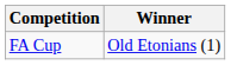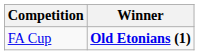 <table class="wikitable">
 <tr>
 <th>Competition</th>
 <th>Winner</th>
 </tr>
 <tr>
 <td><a href='#'>FA Cup</a></td>
-<td><a href='#'>Old Etonians</a> (1)</td>
+<td><strong><a href='#'>Old Etonians</a> (1)</strong></td>
 </tr>
 </table>
